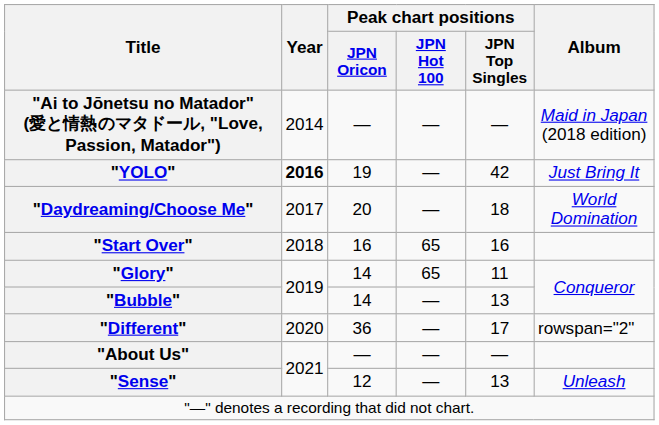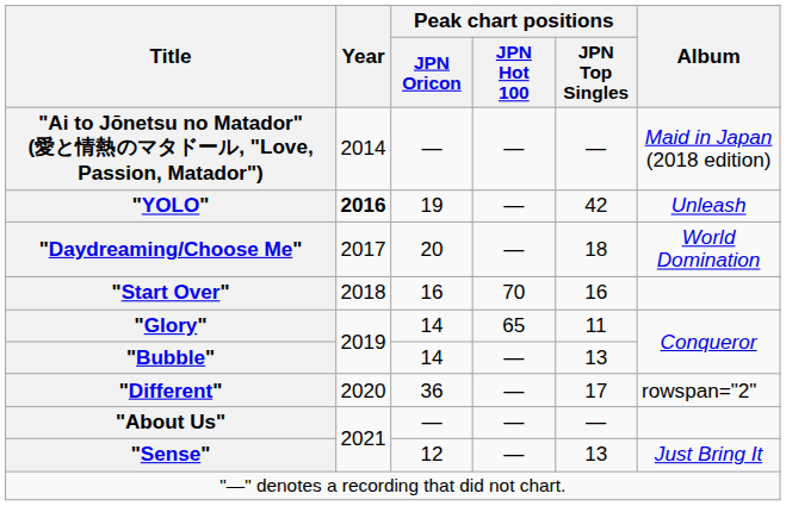 <table class="wikitable plainrowheaders">
 <tr>
 <th scope="col" rowspan="2">Title</th>
 <th scope="col" rowspan="2">Year</th>
 <th scope="col" colspan="3">Peak chart positions</th>
 <th scope="col" rowspan="2">Album</th>
 </tr>
 <tr>
 <th scope="col" style="width:4em;font-size:90%"><a href='#'>JPN<br>Oricon</a><br></th>
 <th scope="col" style="width:4em;font-size:90%"><a href='#'>JPN<br>Hot<br>100</a><br></th>
 <th scope="col" style="width:4em;font-size:90%">JPN<br>Top<br>Singles<br></th>
 </tr>
 <tr>
 <th scope="row">"Ai to Jōnetsu no Matador"<br>(愛と情熱のマタドール, "Love, Passion, Matador")</th>
 <td align="center">2014</td>
 <td align="center">—</td>
 <td align="center">—</td>
 <td align="center">—</td>
 <td align="center"><em><a href='#'>Maid in Japan</a></em><br>(2018 edition)</td>
 </tr>
 <tr>
 <th scope="row">"<a href='#'>YOLO</a>"</th>
 <td align="center"><strong>2016</strong></td>
 <td align="center">19</td>
 <td align="center">—</td>
 <td align="center">42</td>
-<td align="center"><em><a href='#'>Just Bring It</a></em></td>
+<td align="center"><em><a href='#'>Unleash</a></em></td>
 </tr>
 <tr>
 <th scope="row">"<a href='#'>Daydreaming/Choose Me</a>"</th>
 <td align="center">2017</td>
 <td align="center">20</td>
 <td align="center">—</td>
 <td align="center">18</td>
 <td align="center"><em><a href='#'>World Domination</a></em></td>
 </tr>
 <tr>
 <th scope="row">"<a href='#'>Start Over</a>"</th>
 <td align="center">2018</td>
 <td align="center">16</td>
-<td align="center">65</td>
+<td align="center">70</td>
 <td align="center">16</td>
 <td></td>
 </tr>
 <tr>
 <th scope="row">"<a href='#'>Glory</a>"</th>
 <td align="center" rowspan="2">2019</td>
 <td align="center">14</td>
 <td align="center">65</td>
 <td align="center">11</td>
 <td align="center" rowspan="2"><em><a href='#'>Conqueror</a></em></td>
 </tr>
 <tr>
 <th scope="row">"<a href='#'>Bubble</a>"</th>
 <td align="center">14</td>
 <td align="center">—</td>
 <td align="center">13</td>
 </tr>
 <tr>
 <th scope="row">"<a href='#'>Different</a>"</th>
 <td align="center">2020</td>
 <td align="center">36</td>
 <td align="center">—</td>
 <td align="center">17</td>
 <td>rowspan="2" </td>
 </tr>
 <tr>
 <th scope="row">"About Us"</th>
 <td align="center" rowspan="2">2021</td>
 <td align="center">—</td>
 <td align="center">—</td>
 <td align="center">—</td>
 </tr>
 <tr>
 <th scope="row">"<a href='#'>Sense</a>"</th>
 <td align="center">12</td>
 <td align="center">—</td>
 <td align="center">13</td>
-<td align="center"><em><a href='#'>Unleash</a></em></td>
+<td align="center"><em><a href='#'>Just Bring It</a></em></td>
 </tr>
 <tr>
 <td align="center" colspan="6" style="font-size:90%">"—" denotes a recording that did not chart.</td>
 </tr>
 </table>
